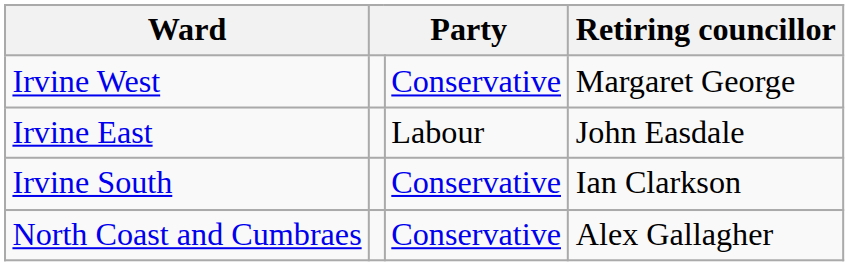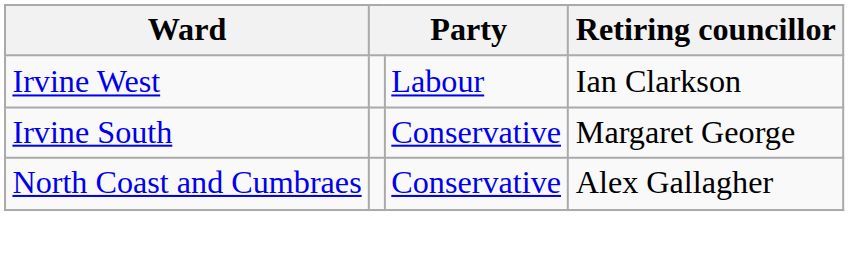 <table class="wikitable sortable">
 <tr>
 <th scope="col">Ward</th>
 <th scope="col"; colspan="2">Party</th>
 <th scope="col">Retiring councillor</th>
 </tr>
 <tr>
 <td scope="row"><a href='#'>Irvine West</a></td>
 <td style="background-color: "></td>
-<td><a href='#'>Conservative</a></td>
-<td>Margaret George</td>
-</tr>
-<tr>
-<td scope="row"><a href='#'>Irvine East</a></td>
-<td style="background-color: "></td>
-<td>Labour</td>
-<td>John Easdale</td>
+<td><a href='#'>Labour</a></td>
+<td>Ian Clarkson</td>
 </tr>
 <tr>
 <td scope="row"><a href='#'>Irvine South</a></td>
 <td style="background-color: "></td>
 <td><a href='#'>Conservative</a></td>
-<td>Ian Clarkson</td>
+<td>Margaret George</td>
 </tr>
 <tr>
 <td scope="row"><a href='#'>North Coast and Cumbraes</a></td>
 <td style="background-color: "></td>
 <td><a href='#'>Conservative</a></td>
 <td>Alex Gallagher</td>
 </tr>
 </table>
